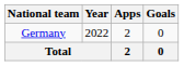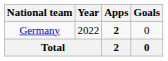 <table class=wikitable style=text-align:center>
 <tr>
 <th>National team</th>
 <th>Year</th>
 <th>Apps</th>
 <th>Goals</th>
 </tr>
 <tr>
 <td><a href='#'>Germany</a></td>
 <td>2022</td>
-<td>2</td>
+<td><strong>2</strong></td>
 <td>0</td>
 </tr>
 <tr>
 <th colspan="2">Total</th>
 <th>2</th>
 <th>0</th>
 </tr>
 </table>
